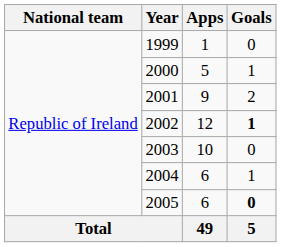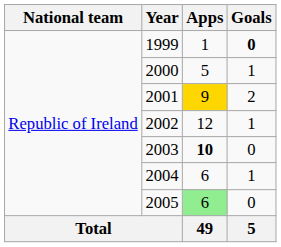 <table class="wikitable" style="text-align:center">
 <tr>
 <th>National team</th>
 <th>Year</th>
 <th>Apps</th>
 <th>Goals</th>
 </tr>
 <tr>
 <td rowspan="7"><a href='#'>Republic of Ireland</a></td>
 <td>1999</td>
 <td>1</td>
-<td>0</td>
+<td><strong>0</strong></td>
 </tr>
 <tr>
 <td>2000</td>
 <td>5</td>
 <td>1</td>
 </tr>
 <tr>
 <td>2001</td>
-<td>9</td>
+<td style="background: gold;">9</td>
 <td>2</td>
 </tr>
 <tr>
 <td>2002</td>
 <td>12</td>
-<td><strong>1</strong></td>
+<td>1</td>
 </tr>
 <tr>
 <td>2003</td>
-<td>10</td>
+<td><strong>10</strong></td>
 <td>0</td>
 </tr>
 <tr>
 <td>2004</td>
 <td>6</td>
 <td>1</td>
 </tr>
 <tr>
 <td>2005</td>
-<td>6</td>
-<td><strong>0</strong></td>
+<td style="background: lightgreen;">6</td>
+<td>0</td>
 </tr>
 <tr>
 <th colspan="2">Total</th>
 <th>49</th>
 <th>5</th>
 </tr>
 </table>
